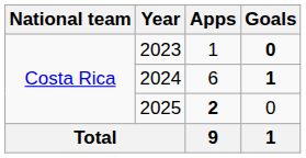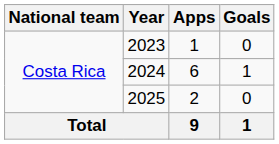 <table class=wikitable style=text-align:center>
 <tr>
 <th>National team</th>
 <th>Year</th>
 <th>Apps</th>
 <th>Goals</th>
 </tr>
 <tr>
 <td rowspan="3"><a href='#'>Costa Rica</a></td>
 <td>2023</td>
 <td>1</td>
-<td><strong>0</strong></td>
+<td>0</td>
 </tr>
 <tr>
 <td>2024</td>
 <td>6</td>
-<td><strong>1</strong></td>
+<td>1</td>
 </tr>
 <tr>
 <td>2025</td>
-<td><strong>2</strong></td>
+<td>2</td>
 <td>0</td>
 </tr>
 <tr>
 <th colspan="2">Total</th>
 <th>9</th>
 <th>1</th>
 </tr>
 </table>
